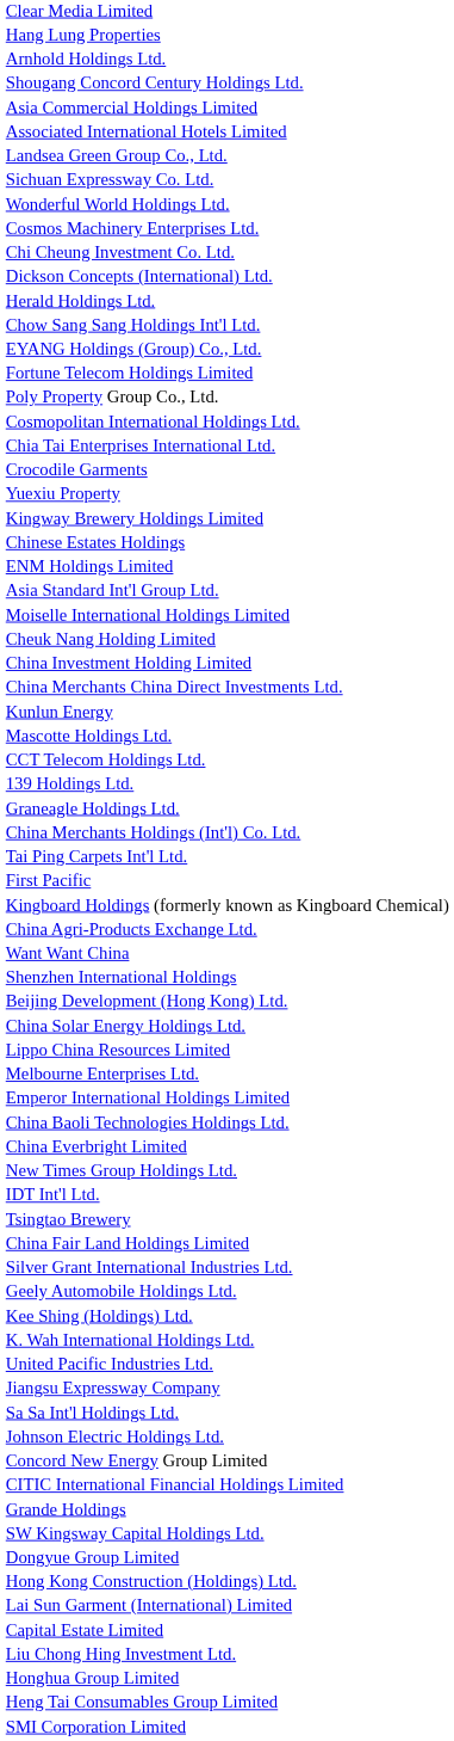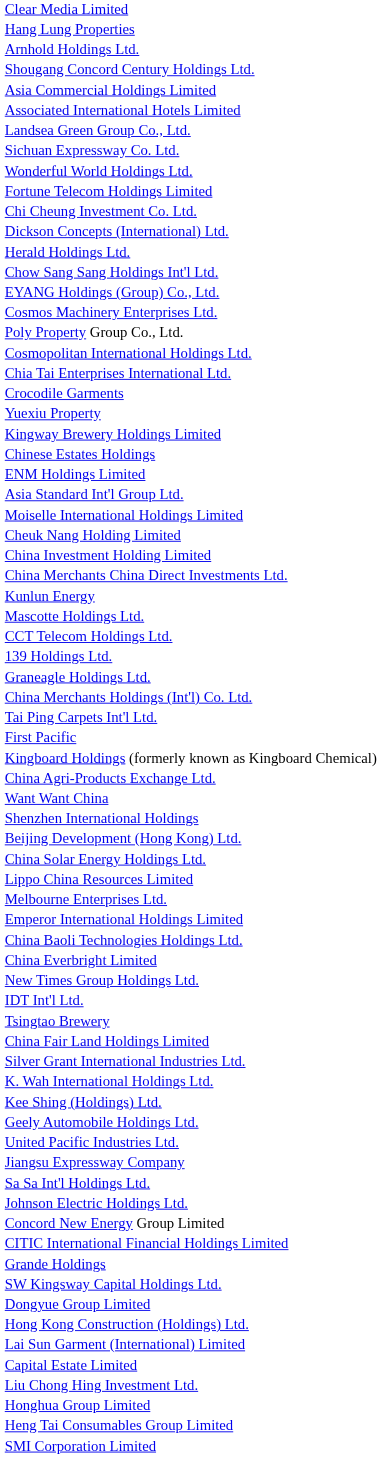 <table>
 <tr>
 <td> <a href='#'>Clear Media Limited</a></td>
 </tr>
 <tr>
 <td> <a href='#'>Hang Lung Properties</a></td>
 </tr>
 <tr>
 <td> <a href='#'>Arnhold Holdings Ltd.</a></td>
 </tr>
 <tr>
 <td> <a href='#'>Shougang Concord Century Holdings Ltd.</a></td>
 </tr>
 <tr>
 <td> <a href='#'>Asia Commercial Holdings Limited</a></td>
 </tr>
 <tr>
 <td> <a href='#'>Associated International Hotels Limited</a></td>
 </tr>
 <tr>
 <td> <a href='#'>Landsea Green Group Co., Ltd.</a></td>
 </tr>
 <tr>
 <td> <a href='#'>Sichuan Expressway Co. Ltd.</a></td>
 </tr>
 <tr>
 <td> <a href='#'>Wonderful World Holdings Ltd.</a></td>
 </tr>
 <tr>
-<td> <a href='#'>Cosmos Machinery Enterprises Ltd.</a></td>
+<td> <a href='#'>Fortune Telecom Holdings Limited</a></td>
 </tr>
 <tr>
 <td> <a href='#'>Chi Cheung Investment Co. Ltd.</a></td>
 </tr>
 <tr>
 <td> <a href='#'>Dickson Concepts (International) Ltd.</a></td>
 </tr>
 <tr>
 <td> <a href='#'>Herald Holdings Ltd.</a></td>
 </tr>
 <tr>
 <td> <a href='#'>Chow Sang Sang Holdings Int'l Ltd.</a></td>
 </tr>
 <tr>
 <td> <a href='#'>EYANG Holdings (Group) Co., Ltd.</a></td>
 </tr>
 <tr>
-<td> <a href='#'>Fortune Telecom Holdings Limited</a></td>
+<td> <a href='#'>Cosmos Machinery Enterprises Ltd.</a></td>
 </tr>
 <tr>
 <td> <a href='#'>Poly Property</a> Group Co., Ltd.</td>
 </tr>
 <tr>
 <td> <a href='#'>Cosmopolitan International Holdings Ltd.</a></td>
 </tr>
 <tr>
 <td> <a href='#'>Chia Tai Enterprises International Ltd.</a></td>
 </tr>
 <tr>
 <td> <a href='#'>Crocodile Garments</a></td>
 </tr>
 <tr>
 <td> <a href='#'>Yuexiu Property</a></td>
 </tr>
 <tr>
 <td> <a href='#'>Kingway Brewery Holdings Limited</a></td>
 </tr>
 <tr>
 <td> <a href='#'>Chinese Estates Holdings</a></td>
 </tr>
 <tr>
 <td> <a href='#'>ENM Holdings Limited</a></td>
 </tr>
 <tr>
 <td> <a href='#'>Asia Standard Int'l Group Ltd.</a></td>
 </tr>
 <tr>
 <td> <a href='#'>Moiselle International Holdings Limited</a></td>
 </tr>
 <tr>
 <td> <a href='#'>Cheuk Nang Holding Limited</a></td>
 </tr>
 <tr>
 <td> <a href='#'>China Investment Holding Limited</a></td>
 </tr>
 <tr>
 <td> <a href='#'>China Merchants China Direct Investments Ltd.</a></td>
 </tr>
 <tr>
 <td> <a href='#'>Kunlun Energy</a></td>
 </tr>
 <tr>
 <td> <a href='#'>Mascotte Holdings Ltd.</a></td>
 </tr>
 <tr>
 <td> <a href='#'>CCT Telecom Holdings Ltd.</a></td>
 </tr>
 <tr>
 <td> <a href='#'>139 Holdings Ltd.</a></td>
 </tr>
 <tr>
 <td> <a href='#'>Graneagle Holdings Ltd.</a></td>
 </tr>
 <tr>
 <td> <a href='#'>China Merchants Holdings (Int'l) Co. Ltd.</a></td>
 </tr>
 <tr>
 <td> <a href='#'>Tai Ping Carpets Int'l Ltd.</a></td>
 </tr>
 <tr>
 <td> <a href='#'>First Pacific</a></td>
 </tr>
 <tr>
 <td> <a href='#'>Kingboard Holdings</a> (formerly known as Kingboard Chemical)</td>
 </tr>
 <tr>
 <td> <a href='#'>China Agri-Products Exchange Ltd.</a></td>
 </tr>
 <tr>
 <td> <a href='#'>Want Want China</a></td>
 </tr>
 <tr>
 <td> <a href='#'>Shenzhen International Holdings</a></td>
 </tr>
 <tr>
 <td> <a href='#'>Beijing Development (Hong Kong) Ltd.</a></td>
 </tr>
 <tr>
 <td> <a href='#'>China Solar Energy Holdings Ltd.</a></td>
 </tr>
 <tr>
 <td> <a href='#'>Lippo China Resources Limited</a></td>
 </tr>
 <tr>
 <td> <a href='#'>Melbourne Enterprises Ltd.</a></td>
 </tr>
 <tr>
 <td> <a href='#'>Emperor International Holdings Limited</a></td>
 </tr>
 <tr>
 <td> <a href='#'>China Baoli Technologies Holdings Ltd.</a></td>
 </tr>
 <tr>
 <td> <a href='#'>China Everbright Limited</a></td>
 </tr>
 <tr>
 <td> <a href='#'>New Times Group Holdings Ltd.</a></td>
 </tr>
 <tr>
 <td> <a href='#'>IDT Int'l Ltd.</a></td>
 </tr>
 <tr>
 <td> <a href='#'>Tsingtao Brewery</a></td>
 </tr>
 <tr>
 <td> <a href='#'>China Fair Land Holdings Limited</a></td>
 </tr>
 <tr>
 <td> <a href='#'>Silver Grant International Industries Ltd.</a></td>
 </tr>
 <tr>
-<td> <a href='#'>Geely Automobile Holdings Ltd.</a></td>
+<td> <a href='#'>K. Wah International Holdings Ltd.</a></td>
 </tr>
 <tr>
 <td> <a href='#'>Kee Shing (Holdings) Ltd.</a></td>
 </tr>
 <tr>
-<td> <a href='#'>K. Wah International Holdings Ltd.</a></td>
+<td> <a href='#'>Geely Automobile Holdings Ltd.</a></td>
 </tr>
 <tr>
 <td> <a href='#'>United Pacific Industries Ltd.</a></td>
 </tr>
 <tr>
 <td> <a href='#'>Jiangsu Expressway Company</a></td>
 </tr>
 <tr>
 <td> <a href='#'>Sa Sa Int'l Holdings Ltd.</a></td>
 </tr>
 <tr>
 <td> <a href='#'>Johnson Electric Holdings Ltd.</a></td>
 </tr>
 <tr>
 <td> <a href='#'>Concord New Energy</a> Group Limited</td>
 </tr>
 <tr>
 <td> <a href='#'>CITIC International Financial Holdings Limited</a></td>
 </tr>
 <tr>
 <td> <a href='#'>Grande Holdings</a></td>
 </tr>
 <tr>
 <td> <a href='#'>SW Kingsway Capital Holdings Ltd.</a></td>
 </tr>
 <tr>
 <td> <a href='#'>Dongyue Group Limited</a></td>
 </tr>
 <tr>
 <td> <a href='#'>Hong Kong Construction (Holdings) Ltd.</a></td>
 </tr>
 <tr>
 <td> <a href='#'>Lai Sun Garment (International) Limited</a></td>
 </tr>
 <tr>
 <td> <a href='#'>Capital Estate Limited</a></td>
 </tr>
 <tr>
 <td> <a href='#'>Liu Chong Hing Investment Ltd.</a></td>
 </tr>
 <tr>
 <td> <a href='#'>Honghua Group Limited</a></td>
 </tr>
 <tr>
 <td> <a href='#'>Heng Tai Consumables Group Limited</a></td>
 </tr>
 <tr>
 <td> <a href='#'>SMI Corporation Limited</a></td>
 </tr>
 </table>
